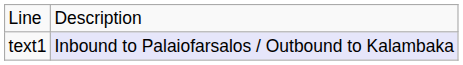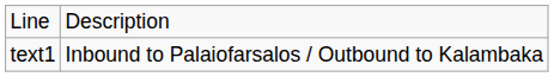 <table class="wikitable">
 <tr>
 <td>Line</td>
 <td>Description</td>
 </tr>
 <tr>
 <td align="left">text1</td>
-<td align="left" style="background: lavender;">Inbound to Palaiofarsalos / Outbound to Kalambaka</td>
+<td align="left">Inbound to Palaiofarsalos / Outbound to Kalambaka</td>
 </tr>
 </table>
